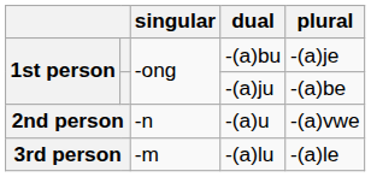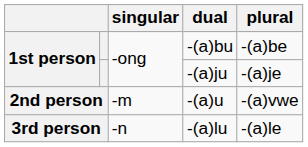 <table class="wikitable">
 <tr>
 <th colspan="2"></th>
 <th>singular</th>
 <th>dual</th>
 <th>plural</th>
 </tr>
 <tr>
 <th rowspan="2">1st person</th>
 <th></th>
 <td rowspan="2">-ong</td>
 <td>-(a)bu</td>
-<td>-(a)je</td>
+<td>-(a)be</td>
 </tr>
 <tr>
 <th></th>
 <td>-(a)ju</td>
-<td>-(a)be</td>
+<td>-(a)je</td>
 </tr>
 <tr>
 <th colspan="2">2nd person</th>
-<td>-n</td>
+<td>-m</td>
 <td>-(a)u</td>
 <td>-(a)vwe</td>
 </tr>
 <tr>
 <th colspan="2">3rd person</th>
-<td>-m</td>
+<td>-n</td>
 <td>-(a)lu</td>
 <td>-(a)le</td>
 </tr>
 </table>
